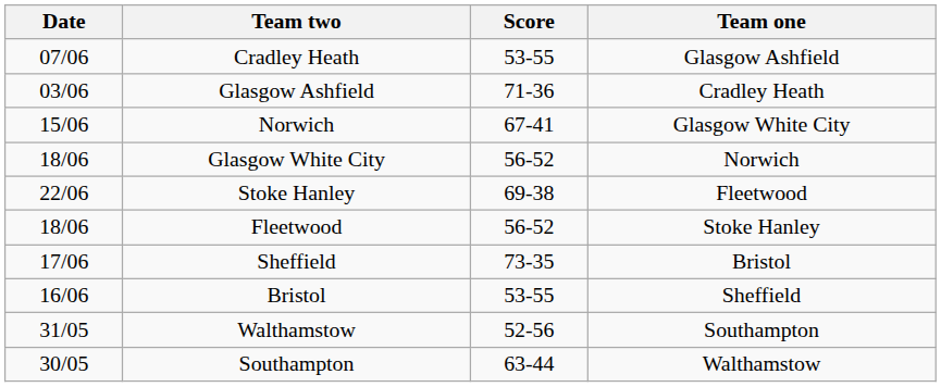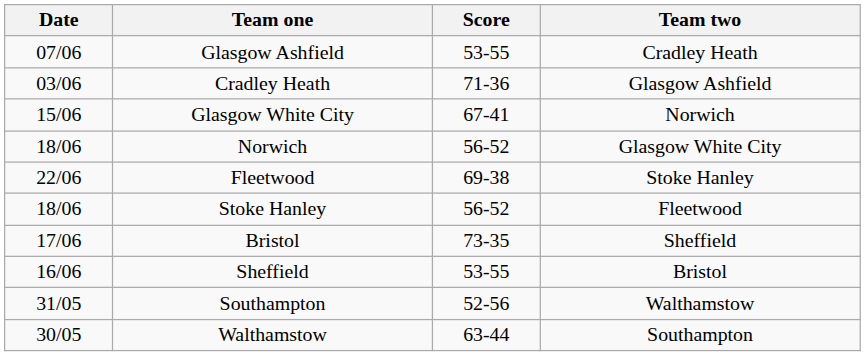 <table class="wikitable" style="text-align: center">
 <tr>
 <th width=80>Date</th>
+<th width=250>Team one</th>
+<th width=80>Score</th>
 <th width=250>Team two</th>
-<th width=80>Score</th>
-<th width=250>Team one</th>
 </tr>
 <tr>
 <td>07/06</td>
+<td>Glasgow Ashfield</td>
+<td>53-55</td>
 <td>Cradley Heath</td>
-<td>53-55</td>
+</tr>
+<tr>
+<td>03/06</td>
+<td>Cradley Heath</td>
+<td>71-36</td>
 <td>Glasgow Ashfield</td>
 </tr>
 <tr>
-<td>03/06</td>
-<td>Glasgow Ashfield</td>
-<td>71-36</td>
-<td>Cradley Heath</td>
+<td>15/06</td>
+<td>Glasgow White City</td>
+<td>67-41</td>
+<td>Norwich</td>
 </tr>
 <tr>
-<td>15/06</td>
+<td>18/06</td>
 <td>Norwich</td>
-<td>67-41</td>
+<td>56-52</td>
 <td>Glasgow White City</td>
 </tr>
 <tr>
-<td>18/06</td>
-<td>Glasgow White City</td>
-<td>56-52</td>
-<td>Norwich</td>
+<td>22/06</td>
+<td>Fleetwood</td>
+<td>69-38</td>
+<td>Stoke Hanley</td>
 </tr>
 <tr>
-<td>22/06</td>
+<td>18/06</td>
 <td>Stoke Hanley</td>
-<td>69-38</td>
+<td>56-52</td>
 <td>Fleetwood</td>
 </tr>
 <tr>
-<td>18/06</td>
-<td>Fleetwood</td>
-<td>56-52</td>
-<td>Stoke Hanley</td>
+<td>17/06</td>
+<td>Bristol</td>
+<td>73-35</td>
+<td>Sheffield</td>
 </tr>
 <tr>
-<td>17/06</td>
+<td>16/06</td>
 <td>Sheffield</td>
-<td>73-35</td>
+<td>53-55</td>
 <td>Bristol</td>
 </tr>
 <tr>
-<td>16/06</td>
-<td>Bristol</td>
-<td>53-55</td>
-<td>Sheffield</td>
-</tr>
-<tr>
 <td>31/05</td>
+<td>Southampton</td>
+<td>52-56</td>
 <td>Walthamstow</td>
-<td>52-56</td>
-<td>Southampton</td>
 </tr>
 <tr>
 <td>30/05</td>
+<td>Walthamstow</td>
+<td>63-44</td>
 <td>Southampton</td>
-<td>63-44</td>
-<td>Walthamstow</td>
 </tr>
 </table>
